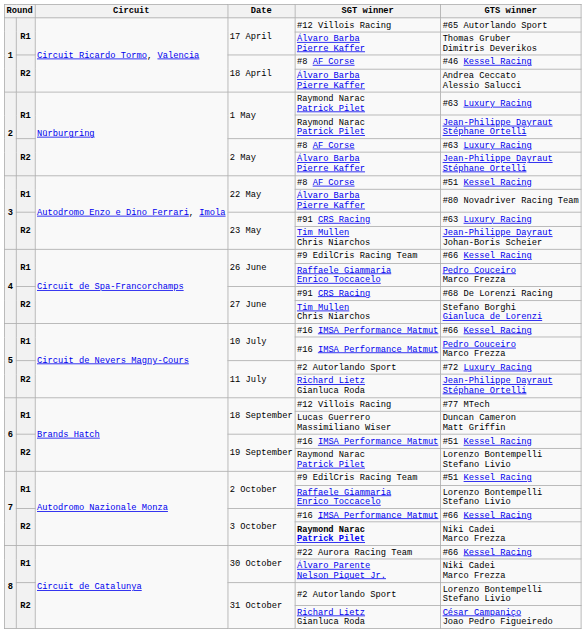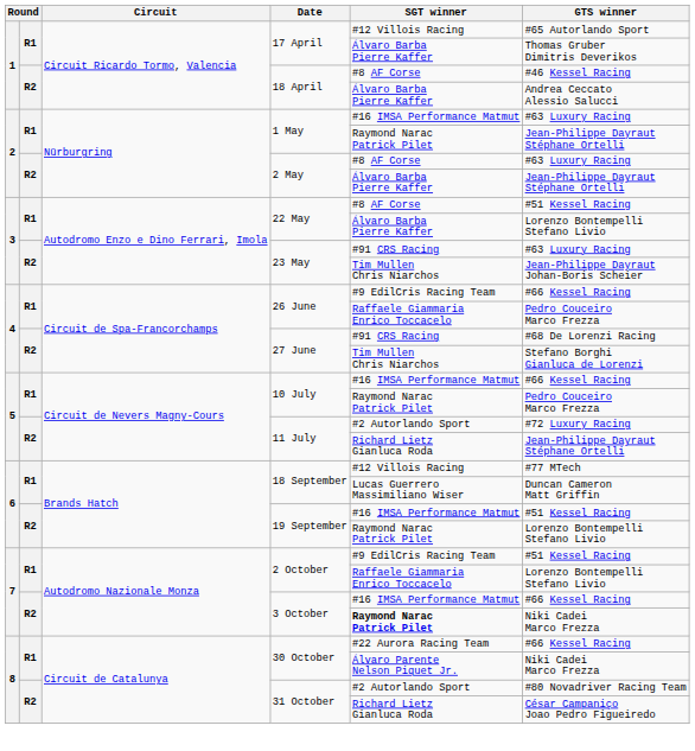 <table class="wikitable" style="font-size: 85%;">
 <tr>
 <th colspan=2>Round</th>
 <th>Circuit</th>
 <th>Date</th>
 <th>SGT winner</th>
 <th>GTS winner</th>
 </tr>
 <tr>
 <th rowspan=4>1</th>
 <th rowspan=2>R1</th>
 <td rowspan=4> <a href='#'>Circuit Ricardo Tormo</a>, <a href='#'>Valencia</a></td>
 <td rowspan=2>17 April</td>
 <td>#12 Villois Racing</td>
 <td>#65 Autorlando Sport</td>
 </tr>
 <tr>
 <td> <a href='#'>Álvaro Barba</a><br> <a href='#'>Pierre Kaffer</a></td>
 <td> Thomas Gruber<br> Dimitris Deverikos</td>
 </tr>
 <tr>
 <th rowspan=2>R2</th>
 <td rowspan=2>18 April</td>
 <td>#8 <a href='#'>AF Corse</a></td>
 <td>#46 <a href='#'>Kessel Racing</a></td>
 </tr>
 <tr>
 <td> <a href='#'>Álvaro Barba</a><br> <a href='#'>Pierre Kaffer</a></td>
 <td> Andrea Ceccato<br> Alessio Salucci</td>
 </tr>
 <tr>
 <th rowspan=4>2</th>
 <th rowspan=2>R1</th>
 <td rowspan=4> <a href='#'>Nürburgring</a></td>
 <td rowspan=2>1 May</td>
-<td> Raymond Narac<br> <a href='#'>Patrick Pilet</a></td>
+<td>#16 <a href='#'>IMSA Performance Matmut</a></td>
 <td>#63 <a href='#'>Luxury Racing</a></td>
 </tr>
 <tr>
 <td> Raymond Narac<br> <a href='#'>Patrick Pilet</a></td>
 <td> <a href='#'>Jean-Philippe Dayraut</a><br> <a href='#'>Stéphane Ortelli</a></td>
 </tr>
 <tr>
 <th rowspan=2>R2</th>
 <td rowspan=2>2 May</td>
 <td>#8 <a href='#'>AF Corse</a></td>
 <td>#63 <a href='#'>Luxury Racing</a></td>
 </tr>
 <tr>
 <td> <a href='#'>Álvaro Barba</a><br> <a href='#'>Pierre Kaffer</a></td>
 <td> <a href='#'>Jean-Philippe Dayraut</a><br> <a href='#'>Stéphane Ortelli</a></td>
 </tr>
 <tr>
 <th rowspan=4>3</th>
 <th rowspan=2>R1</th>
 <td rowspan=4> <a href='#'>Autodromo Enzo e Dino Ferrari</a>, <a href='#'>Imola</a></td>
 <td rowspan=2>22 May</td>
 <td>#8 <a href='#'>AF Corse</a></td>
 <td>#51 <a href='#'>Kessel Racing</a></td>
 </tr>
 <tr>
 <td> <a href='#'>Álvaro Barba</a><br> <a href='#'>Pierre Kaffer</a></td>
-<td>#80 Novadriver Racing Team</td>
+<td> Lorenzo Bontempelli<br> Stefano Livio</td>
 </tr>
 <tr>
 <th rowspan=2>R2</th>
 <td rowspan=2>23 May</td>
 <td>#91 <a href='#'>CRS Racing</a></td>
 <td>#63 <a href='#'>Luxury Racing</a></td>
 </tr>
 <tr>
 <td> <a href='#'>Tim Mullen</a><br> Chris Niarchos</td>
 <td> <a href='#'>Jean-Philippe Dayraut</a><br> Johan-Boris Scheier</td>
 </tr>
 <tr>
 <th rowspan=4>4</th>
 <th rowspan=2>R1</th>
 <td rowspan=4> <a href='#'>Circuit de Spa-Francorchamps</a></td>
 <td rowspan=2>26 June</td>
 <td>#9 EdilCris Racing Team</td>
 <td>#66 <a href='#'>Kessel Racing</a></td>
 </tr>
 <tr>
 <td> <a href='#'>Raffaele Giammaria</a><br> <a href='#'>Enrico Toccacelo</a></td>
 <td> <a href='#'>Pedro Couceiro</a><br> Marco Frezza</td>
 </tr>
 <tr>
 <th rowspan=2>R2</th>
 <td rowspan=2>27 June</td>
 <td>#91 <a href='#'>CRS Racing</a></td>
 <td>#68 De Lorenzi Racing</td>
 </tr>
 <tr>
 <td> <a href='#'>Tim Mullen</a><br> Chris Niarchos</td>
 <td> Stefano Borghi<br> <a href='#'>Gianluca de Lorenzi</a></td>
 </tr>
 <tr>
 <th rowspan=4>5</th>
 <th rowspan=2>R1</th>
 <td rowspan=4> <a href='#'>Circuit de Nevers Magny-Cours</a></td>
 <td rowspan=2>10 July</td>
 <td>#16 <a href='#'>IMSA Performance Matmut</a></td>
 <td>#66 <a href='#'>Kessel Racing</a></td>
 </tr>
 <tr>
-<td>#16 <a href='#'>IMSA Performance Matmut</a></td>
+<td> Raymond Narac<br> <a href='#'>Patrick Pilet</a></td>
 <td> <a href='#'>Pedro Couceiro</a><br> Marco Frezza</td>
 </tr>
 <tr>
 <th rowspan=2>R2</th>
 <td rowspan=2>11 July</td>
 <td>#2 Autorlando Sport</td>
 <td>#72 <a href='#'>Luxury Racing</a></td>
 </tr>
 <tr>
 <td> <a href='#'>Richard Lietz</a><br> Gianluca Roda</td>
 <td> <a href='#'>Jean-Philippe Dayraut</a><br> <a href='#'>Stéphane Ortelli</a></td>
 </tr>
 <tr>
 <th rowspan=4>6</th>
 <th rowspan=2>R1</th>
 <td rowspan=4> <a href='#'>Brands Hatch</a></td>
 <td rowspan=2>18 September</td>
 <td>#12 Villois Racing</td>
 <td>#77 MTech</td>
 </tr>
 <tr>
 <td> Lucas Guerrero<br> Massimiliano Wiser</td>
 <td> Duncan Cameron<br> Matt Griffin</td>
 </tr>
 <tr>
 <th rowspan=2>R2</th>
 <td rowspan=2>19 September</td>
 <td>#16 <a href='#'>IMSA Performance Matmut</a></td>
 <td>#51 <a href='#'>Kessel Racing</a></td>
 </tr>
 <tr>
 <td> Raymond Narac<br> <a href='#'>Patrick Pilet</a></td>
 <td> Lorenzo Bontempelli<br> Stefano Livio</td>
 </tr>
 <tr>
 <th rowspan=4>7</th>
 <th rowspan=2>R1</th>
 <td rowspan=4> <a href='#'>Autodromo Nazionale Monza</a></td>
 <td rowspan=2>2 October</td>
 <td>#9 EdilCris Racing Team</td>
 <td>#51 <a href='#'>Kessel Racing</a></td>
 </tr>
 <tr>
 <td> <a href='#'>Raffaele Giammaria</a><br> <a href='#'>Enrico Toccacelo</a></td>
 <td> Lorenzo Bontempelli<br> Stefano Livio</td>
 </tr>
 <tr>
 <th rowspan=2>R2</th>
 <td rowspan=2>3 October</td>
 <td>#16 <a href='#'>IMSA Performance Matmut</a></td>
 <td>#66 <a href='#'>Kessel Racing</a></td>
 </tr>
 <tr>
 <td><strong> Raymond Narac<br> <a href='#'>Patrick Pilet</a></strong></td>
 <td> Niki Cadei<br> Marco Frezza</td>
 </tr>
 <tr>
 <th rowspan=4>8</th>
 <th rowspan=2>R1</th>
 <td rowspan=4> <a href='#'>Circuit de Catalunya</a></td>
 <td rowspan=2>30 October</td>
 <td>#22 Aurora Racing Team</td>
 <td>#66 <a href='#'>Kessel Racing</a></td>
 </tr>
 <tr>
 <td> <a href='#'>Álvaro Parente</a><br> <a href='#'>Nelson Piquet Jr.</a></td>
 <td> Niki Cadei<br> Marco Frezza</td>
 </tr>
 <tr>
 <th rowspan=2>R2</th>
 <td rowspan=2>31 October</td>
 <td>#2 Autorlando Sport</td>
-<td> Lorenzo Bontempelli<br> Stefano Livio</td>
+<td>#80 Novadriver Racing Team</td>
 </tr>
 <tr>
 <td> <a href='#'>Richard Lietz</a><br> Gianluca Roda</td>
 <td> <a href='#'>César Campaniço</a><br> Joao Pedro Figueiredo</td>
 </tr>
 </table>
